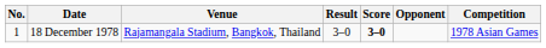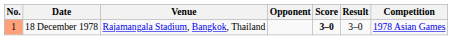 <table class="wikitable sortable">
 <tr>
 <th scope="col">No.</th>
 <th scope="col">Date</th>
 <th scope="col">Venue</th>
+<th scope="col">Opponent</th>
+<th scope="col">Score</th>
 <th scope="col">Result</th>
-<th scope="col">Score</th>
-<th scope="col">Opponent</th>
 <th scope="col“">Competition</th>
 </tr>
 <tr>
-<td align="center">1</td>
+<td align="center" style="background: lightsalmon;">1</td>
 <td>18 December 1978</td>
 <td><a href='#'>Rajamangala Stadium</a>, <a href='#'>Bangkok</a>, Thailand</td>
+<td></td>
+<td align="center"><strong>3–0</strong></td>
 <td align="center">3–0</td>
-<td align="center"><strong>3–0</strong></td>
-<td></td>
 <td><a href='#'>1978 Asian Games</a></td>
 </tr>
 </table>
